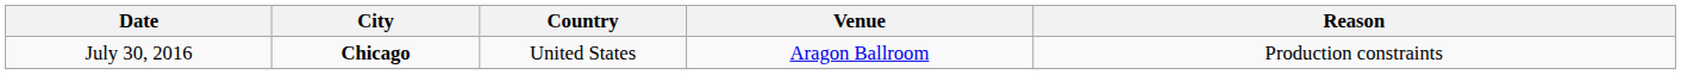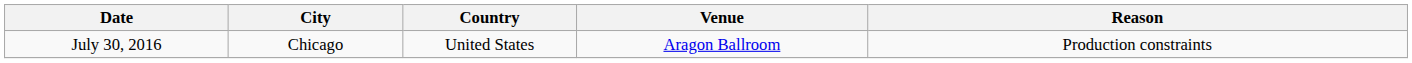 <table class="wikitable plainrowheaders" style="text-align:center;">
 <tr>
 <th scope="col" style="width:13em;">Date</th>
 <th scope="col" style="width:10em;">City</th>
 <th scope="col" style="width:10em;">Country</th>
 <th scope="col" style="width:17em;">Venue</th>
 <th scope="col" style="width:32em;">Reason</th>
 </tr>
 <tr>
 <td scope="row" style="text-align:center;">July 30, 2016</td>
-<td><strong>Chicago</strong></td>
+<td>Chicago</td>
 <td>United States</td>
 <td><a href='#'>Aragon Ballroom</a></td>
 <td>Production constraints</td>
 </tr>
 <tr ROZES>
 </tr>
 </table>
